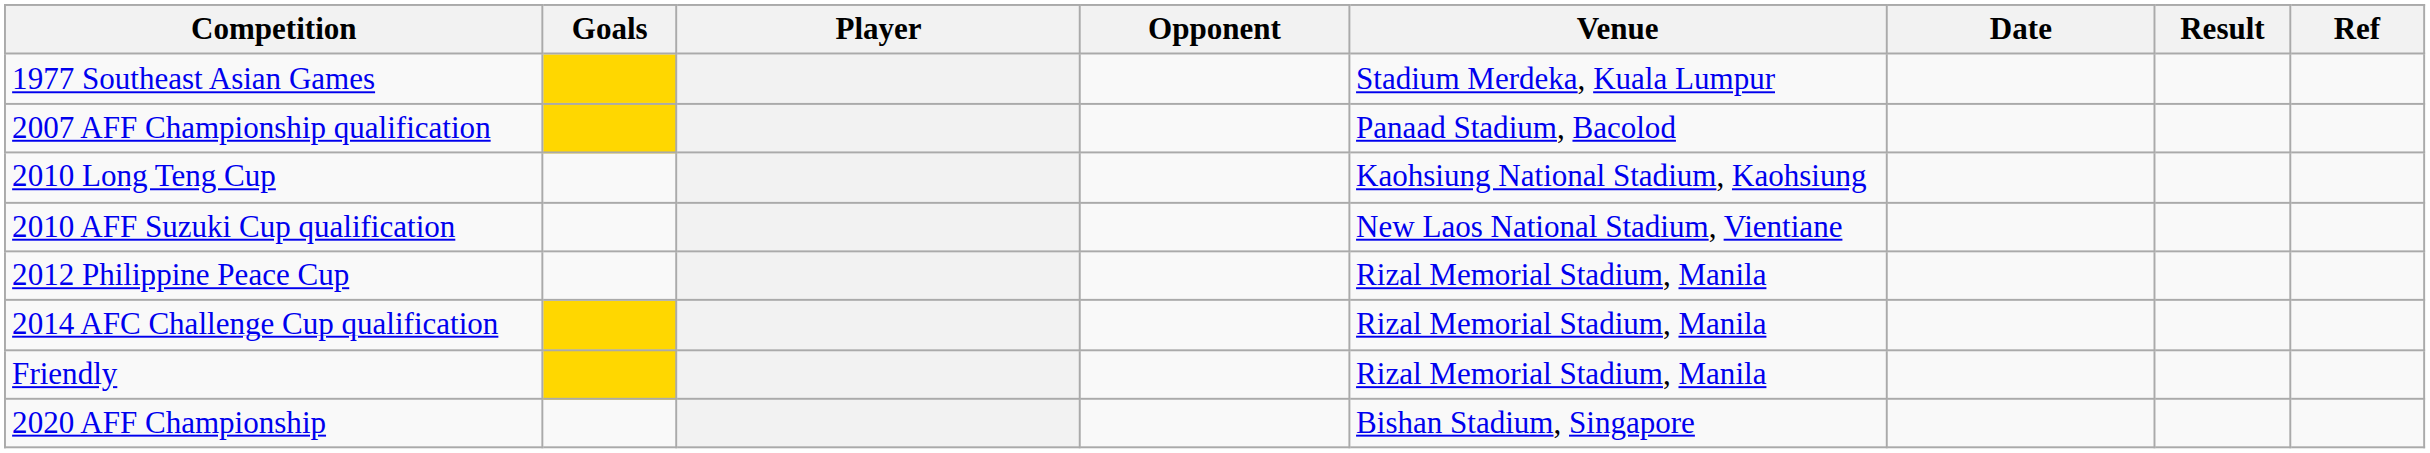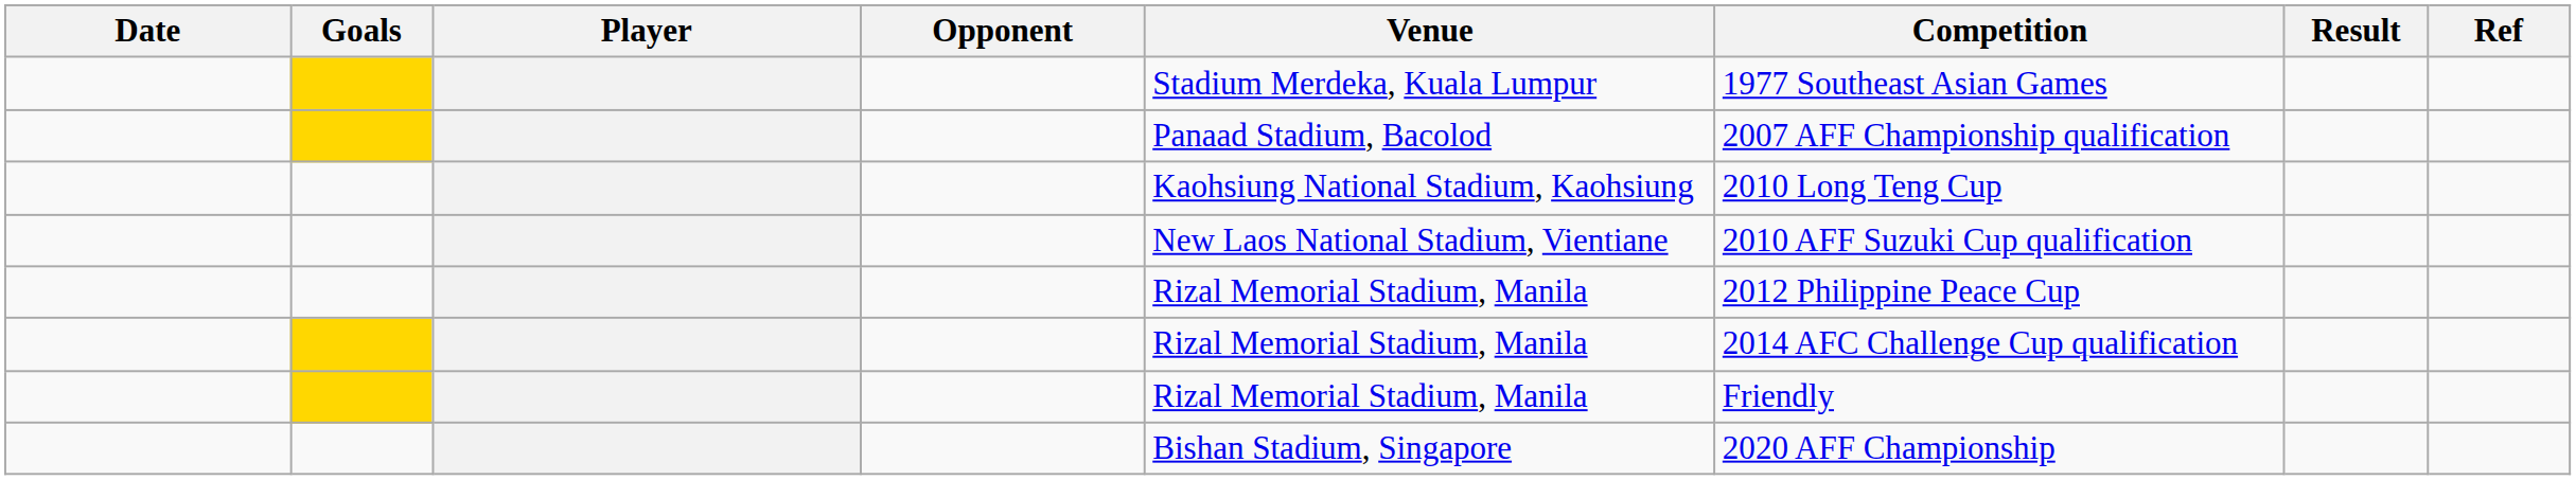 <table class="wikitable sortable plainrowheaders">
 <tr>
-<th scope="col" width="20%">Competition</th>
+<th scope="col" width="10%">Date</th>
 <th scope="col" width="5%">Goals</th>
 <th scope="col" width="15%">Player</th>
 <th scope="col" width="10%">Opponent</th>
 <th scope="col" width="20%">Venue</th>
-<th scope="col" width="10%">Date</th>
+<th scope="col" width="20%">Competition</th>
 <th scope="col" class="align:center" width="5%">Result</th>
 <th scope="col" class="align: center; unsortable" width="5%">Ref</th>
 </tr>
 <tr>
-<td><a href='#'>1977 Southeast Asian Games</a></td>
+<td></td>
 <td bgcolor=gold></td>
 <th scope="row"></th>
 <td></td>
 <td><a href='#'>Stadium Merdeka</a>, <a href='#'>Kuala Lumpur</a></td>
-<td></td>
+<td><a href='#'>1977 Southeast Asian Games</a></td>
 <td data-sort-value="0401"></td>
 <td align=center></td>
 </tr>
 <tr>
-<td><a href='#'>2007 AFF Championship qualification</a></td>
+<td></td>
 <td bgcolor=gold></td>
 <th scope="row"></th>
 <td></td>
 <td><a href='#'>Panaad Stadium</a>, <a href='#'>Bacolod</a></td>
-<td></td>
+<td><a href='#'>2007 AFF Championship qualification</a></td>
 <td data-sort-value="0700"></td>
 <td align=center></td>
 </tr>
 <tr>
-<td><a href='#'>2010 Long Teng Cup</a></td>
+<td></td>
 <td></td>
 <th scope="row"></th>
 <td></td>
 <td><a href='#'>Kaohsiung National Stadium</a>, <a href='#'>Kaohsiung</a></td>
-<td></td>
+<td><a href='#'>2010 Long Teng Cup</a></td>
 <td data-sort-value="0500"></td>
 <td align=center></td>
 </tr>
 <tr>
-<td><a href='#'>2010 AFF Suzuki Cup qualification</a></td>
+<td></td>
 <td></td>
 <th scope="row"></th>
 <td></td>
 <td><a href='#'>New Laos National Stadium</a>, <a href='#'>Vientiane</a></td>
-<td></td>
+<td><a href='#'>2010 AFF Suzuki Cup qualification</a></td>
 <td data-sort-value="0500"></td>
 <td align=center></td>
 </tr>
 <tr>
-<td><a href='#'>2012 Philippine Peace Cup</a></td>
+<td></td>
 <td></td>
 <th scope="row"></th>
 <td></td>
 <td><a href='#'>Rizal Memorial Stadium</a>, <a href='#'>Manila</a></td>
-<td></td>
+<td><a href='#'>2012 Philippine Peace Cup</a></td>
 <td data-sort-value="0500"></td>
 <td align=center></td>
 </tr>
 <tr>
-<td><a href='#'>2014 AFC Challenge Cup qualification</a></td>
+<td></td>
 <td bgcolor=gold></td>
 <th scope="row"></th>
 <td></td>
 <td><a href='#'>Rizal Memorial Stadium</a>, <a href='#'>Manila</a></td>
-<td></td>
+<td><a href='#'>2014 AFC Challenge Cup qualification</a></td>
 <td data-sort-value="0800"></td>
 <td align=center></td>
 </tr>
 <tr>
-<td><a href='#'>Friendly</a></td>
+<td></td>
 <td bgcolor=gold></td>
 <th scope="row"></th>
 <td></td>
 <td><a href='#'>Rizal Memorial Stadium</a>, <a href='#'>Manila</a></td>
-<td></td>
+<td><a href='#'>Friendly</a></td>
 <td data-sort-value="0500"></td>
 <td align=center></td>
 </tr>
 <tr>
-<td><a href='#'>2020 AFF Championship</a></td>
+<td></td>
 <td></td>
 <th scope="row"></th>
 <td></td>
 <td><a href='#'>Bishan Stadium</a>, <a href='#'>Singapore</a></td>
-<td></td>
+<td><a href='#'>2020 AFF Championship</a></td>
 <td data-sort-value="0302"></td>
 <td align=center></td>
 </tr>
 </table>
